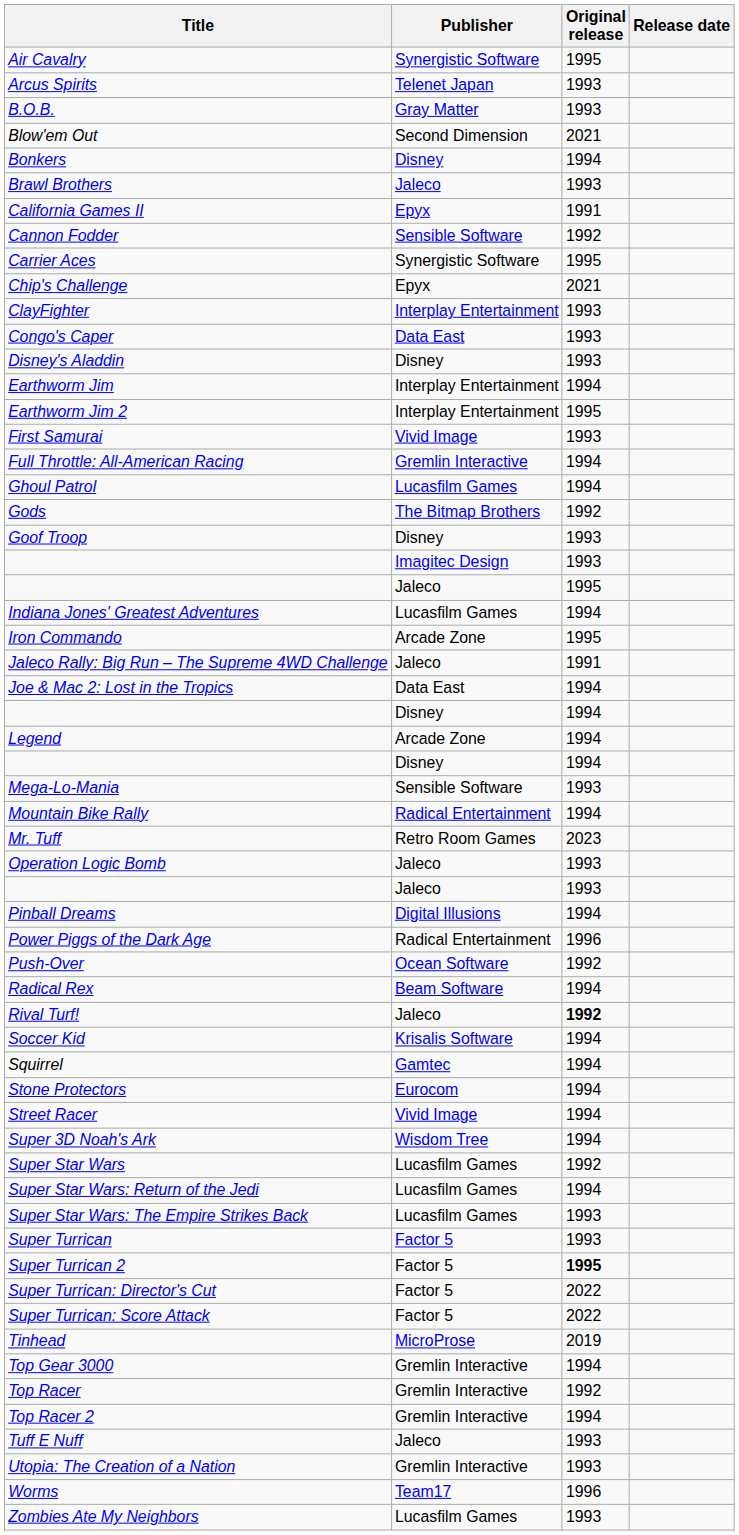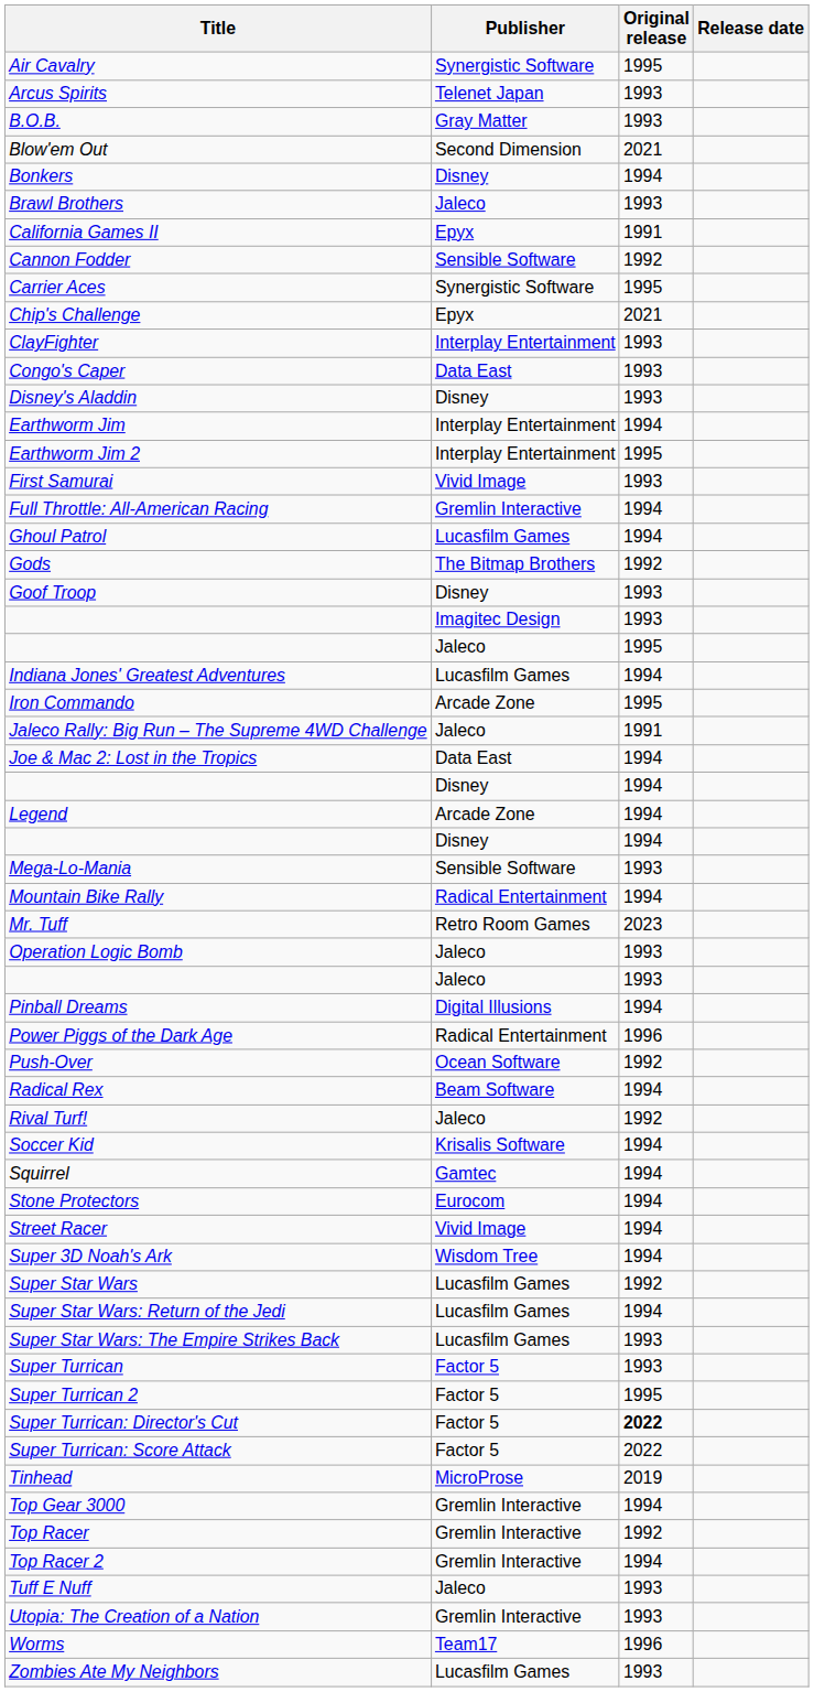 <table class="wikitable sortable" width="auto">
 <tr>
 <th>Title</th>
 <th>Publisher</th>
 <th>Original<br>release</th>
 <th>Release date</th>
 </tr>
 <tr>
 <td><em><a href='#'>Air Cavalry</a></em></td>
 <td><a href='#'>Synergistic Software</a></td>
 <td>1995</td>
 <td></td>
 </tr>
 <tr>
 <td><em><a href='#'>Arcus Spirits</a></em></td>
 <td><a href='#'>Telenet Japan</a></td>
 <td>1993</td>
 <td></td>
 </tr>
 <tr>
 <td><em><a href='#'>B.O.B.</a></em></td>
 <td><a href='#'>Gray Matter</a></td>
 <td>1993</td>
 <td></td>
 </tr>
 <tr>
 <td><em>Blow'em Out</em></td>
 <td>Second Dimension</td>
 <td>2021</td>
 <td></td>
 </tr>
 <tr>
 <td><em><a href='#'>Bonkers</a></em></td>
 <td><a href='#'>Disney</a></td>
 <td>1994</td>
 <td></td>
 </tr>
 <tr>
 <td><em><a href='#'>Brawl Brothers</a></em></td>
 <td><a href='#'>Jaleco</a></td>
 <td>1993</td>
 <td></td>
 </tr>
 <tr>
 <td><em><a href='#'>California Games II</a></em></td>
 <td><a href='#'>Epyx</a></td>
 <td>1991</td>
 <td></td>
 </tr>
 <tr>
 <td><em><a href='#'>Cannon Fodder</a></em></td>
 <td><a href='#'>Sensible Software</a></td>
 <td>1992</td>
 <td></td>
 </tr>
 <tr>
 <td><em><a href='#'>Carrier Aces</a></em></td>
 <td>Synergistic Software</td>
 <td>1995</td>
 <td></td>
 </tr>
 <tr>
 <td><em><a href='#'>Chip's Challenge</a></em></td>
 <td>Epyx</td>
 <td>2021</td>
 <td></td>
 </tr>
 <tr>
 <td><em><a href='#'>ClayFighter</a></em></td>
 <td><a href='#'>Interplay Entertainment</a></td>
 <td>1993</td>
 <td></td>
 </tr>
 <tr>
 <td><em><a href='#'>Congo's Caper</a></em></td>
 <td><a href='#'>Data East</a></td>
 <td>1993</td>
 <td></td>
 </tr>
 <tr>
 <td><em><a href='#'>Disney's Aladdin</a></em></td>
 <td>Disney</td>
 <td>1993</td>
 <td></td>
 </tr>
 <tr>
 <td><em><a href='#'>Earthworm Jim</a></em></td>
 <td>Interplay Entertainment</td>
 <td>1994</td>
 <td></td>
 </tr>
 <tr>
 <td><em><a href='#'>Earthworm Jim 2</a></em></td>
 <td>Interplay Entertainment</td>
 <td>1995</td>
 <td></td>
 </tr>
 <tr>
 <td><em><a href='#'>First Samurai</a></em></td>
 <td><a href='#'>Vivid Image</a></td>
 <td>1993</td>
 <td></td>
 </tr>
 <tr>
 <td><em><a href='#'>Full Throttle: All-American Racing</a></em></td>
 <td><a href='#'>Gremlin Interactive</a></td>
 <td>1994</td>
 <td></td>
 </tr>
 <tr>
 <td><em><a href='#'>Ghoul Patrol</a></em></td>
 <td><a href='#'>Lucasfilm Games</a></td>
 <td>1994</td>
 <td></td>
 </tr>
 <tr>
 <td><em><a href='#'>Gods</a></em></td>
 <td><a href='#'>The Bitmap Brothers</a></td>
 <td>1992</td>
 <td></td>
 </tr>
 <tr>
 <td><em><a href='#'>Goof Troop</a></em></td>
 <td>Disney</td>
 <td>1993</td>
 <td></td>
 </tr>
 <tr>
 <td></td>
 <td><a href='#'>Imagitec Design</a></td>
 <td>1993</td>
 <td></td>
 </tr>
 <tr>
 <td></td>
 <td>Jaleco</td>
 <td>1995</td>
 <td></td>
 </tr>
 <tr>
 <td><em><a href='#'>Indiana Jones' Greatest Adventures</a></em></td>
 <td>Lucasfilm Games</td>
 <td>1994</td>
 <td></td>
 </tr>
 <tr>
 <td><em><a href='#'>Iron Commando</a></em></td>
 <td>Arcade Zone</td>
 <td>1995</td>
 <td><br></td>
 </tr>
 <tr>
 <td><em><a href='#'>Jaleco Rally: Big Run – The Supreme 4WD Challenge</a></em></td>
 <td>Jaleco</td>
 <td>1991</td>
 <td></td>
 </tr>
 <tr>
 <td><em><a href='#'>Joe & Mac 2: Lost in the Tropics</a></em></td>
 <td>Data East</td>
 <td>1994</td>
 <td></td>
 </tr>
 <tr>
 <td></td>
 <td>Disney</td>
 <td>1994</td>
 <td></td>
 </tr>
 <tr>
 <td><em><a href='#'>Legend</a></em></td>
 <td>Arcade Zone</td>
 <td>1994</td>
 <td></td>
 </tr>
 <tr>
 <td></td>
 <td>Disney</td>
 <td>1994</td>
 <td></td>
 </tr>
 <tr>
 <td><em><a href='#'>Mega-Lo-Mania</a></em></td>
 <td>Sensible Software</td>
 <td>1993</td>
 <td></td>
 </tr>
 <tr>
 <td><em><a href='#'>Mountain Bike Rally</a></em></td>
 <td><a href='#'>Radical Entertainment</a></td>
 <td>1994</td>
 <td></td>
 </tr>
 <tr>
 <td><em><a href='#'>Mr. Tuff</a></em></td>
 <td>Retro Room Games</td>
 <td>2023</td>
 <td></td>
 </tr>
 <tr>
 <td><em><a href='#'>Operation Logic Bomb</a></em></td>
 <td>Jaleco</td>
 <td>1993</td>
 <td></td>
 </tr>
 <tr>
 <td></td>
 <td>Jaleco</td>
 <td>1993</td>
 <td></td>
 </tr>
 <tr>
 <td><em><a href='#'>Pinball Dreams</a></em></td>
 <td><a href='#'>Digital Illusions</a></td>
 <td>1994</td>
 <td></td>
 </tr>
 <tr>
 <td><em><a href='#'>Power Piggs of the Dark Age</a></em></td>
 <td>Radical Entertainment</td>
 <td>1996</td>
 <td></td>
 </tr>
 <tr>
 <td><em><a href='#'>Push-Over</a></em></td>
 <td><a href='#'>Ocean Software</a></td>
 <td>1992</td>
 <td></td>
 </tr>
 <tr>
 <td><em><a href='#'>Radical Rex</a></em></td>
 <td><a href='#'>Beam Software</a></td>
 <td>1994</td>
 <td></td>
 </tr>
 <tr>
 <td><em><a href='#'>Rival Turf!</a></em></td>
 <td>Jaleco</td>
-<td><strong>1992</strong></td>
+<td>1992</td>
 <td></td>
 </tr>
 <tr>
 <td><em><a href='#'>Soccer Kid</a></em></td>
 <td><a href='#'>Krisalis Software</a></td>
 <td>1994</td>
 <td></td>
 </tr>
 <tr>
 <td><em>Squirrel</em></td>
 <td><a href='#'>Gamtec</a></td>
 <td>1994</td>
 <td></td>
 </tr>
 <tr>
 <td><em><a href='#'>Stone Protectors</a></em></td>
 <td><a href='#'>Eurocom</a></td>
 <td>1994</td>
 <td></td>
 </tr>
 <tr>
 <td><em><a href='#'>Street Racer</a></em></td>
 <td><a href='#'>Vivid Image</a></td>
 <td>1994</td>
 <td></td>
 </tr>
 <tr>
 <td><em><a href='#'>Super 3D Noah's Ark</a></em></td>
 <td><a href='#'>Wisdom Tree</a></td>
 <td>1994</td>
 <td></td>
 </tr>
 <tr>
 <td><em><a href='#'>Super Star Wars</a></em></td>
 <td>Lucasfilm Games</td>
 <td>1992</td>
 <td></td>
 </tr>
 <tr>
 <td><em><a href='#'>Super Star Wars: Return of the Jedi</a></em></td>
 <td>Lucasfilm Games</td>
 <td>1994</td>
 <td></td>
 </tr>
 <tr>
 <td><em><a href='#'>Super Star Wars: The Empire Strikes Back</a></em></td>
 <td>Lucasfilm Games</td>
 <td>1993</td>
 <td></td>
 </tr>
 <tr>
 <td><em><a href='#'>Super Turrican</a></em></td>
 <td><a href='#'>Factor 5</a></td>
 <td>1993</td>
 <td><br></td>
 </tr>
 <tr>
 <td><em><a href='#'>Super Turrican 2</a></em></td>
 <td>Factor 5</td>
-<td><strong>1995</strong></td>
+<td>1995</td>
 <td></td>
 </tr>
 <tr>
 <td><em><a href='#'>Super Turrican: Director's Cut</a></em></td>
 <td>Factor 5</td>
-<td>2022</td>
+<td><strong>2022</strong></td>
 <td></td>
 </tr>
 <tr>
 <td><em><a href='#'>Super Turrican: Score Attack</a></em></td>
 <td>Factor 5</td>
 <td>2022</td>
 <td></td>
 </tr>
 <tr>
 <td><em><a href='#'>Tinhead</a></em></td>
 <td><a href='#'>MicroProse</a></td>
 <td>2019</td>
 <td></td>
 </tr>
 <tr>
 <td><em><a href='#'>Top Gear 3000</a></em></td>
 <td>Gremlin Interactive</td>
 <td>1994</td>
 <td></td>
 </tr>
 <tr>
 <td><em><a href='#'>Top Racer</a></em></td>
 <td>Gremlin Interactive</td>
 <td>1992</td>
 <td></td>
 </tr>
 <tr>
 <td><em><a href='#'>Top Racer 2</a></em></td>
 <td>Gremlin Interactive</td>
 <td>1994</td>
 <td></td>
 </tr>
 <tr>
 <td><em><a href='#'>Tuff E Nuff</a></em></td>
 <td>Jaleco</td>
 <td>1993</td>
 <td></td>
 </tr>
 <tr>
 <td><em><a href='#'>Utopia: The Creation of a Nation</a></em></td>
 <td>Gremlin Interactive</td>
 <td>1993</td>
 <td></td>
 </tr>
 <tr>
 <td><em><a href='#'>Worms</a></em></td>
 <td><a href='#'>Team17</a></td>
 <td>1996</td>
 <td></td>
 </tr>
 <tr>
 <td><em><a href='#'>Zombies Ate My Neighbors</a></em></td>
 <td>Lucasfilm Games</td>
 <td>1993</td>
 <td></td>
 </tr>
 </table>
